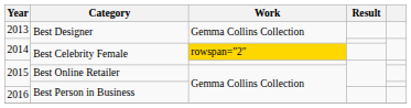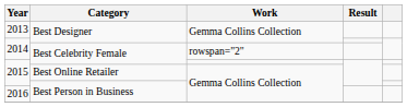 <table class= "wikitable sortable">
 <tr>
 <th scope="col" style="width:5%;">Year</th>
 <th scope="col" style="width:40%;">Category</th>
 <th scope="col" style="width:40%;">Work</th>
 <th scope="col" style="width:10%;">Result</th>
 <th scope="col" style="width:5%;"></th>
 </tr>
 <tr>
 <td scope="row">2013</td>
 <td rowspan="2">Best Designer</td>
 <td rowspan="2">Gemma Collins Collection</td>
 <td></td>
 <td style="text-align:center;"></td>
 </tr>
 <tr>
 <td scope="row" rowspan="2">2014</td>
 <td></td>
 <td style="text-align:center;" rowspan="2"></td>
 </tr>
 <tr>
 <td rowspan="2">Best Celebrity Female</td>
-<td style="background: gold;">rowspan="2" </td>
+<td>rowspan="2" </td>
 <td></td>
 </tr>
 <tr>
 <td scope="row" rowspan="3">2015</td>
 <td></td>
 <td style="text-align:center;" rowspan="3"></td>
 </tr>
 <tr>
 <td>Best Online Retailer</td>
 <td rowspan="3">Gemma Collins Collection</td>
 <td></td>
 </tr>
 <tr>
 <td rowspan="2">Best Person in Business</td>
 <td></td>
 </tr>
 <tr>
 <td scope="row">2016</td>
 <td></td>
 <td style="text-align:center;"></td>
 </tr>
 <tr>
 </tr>
 </table>
